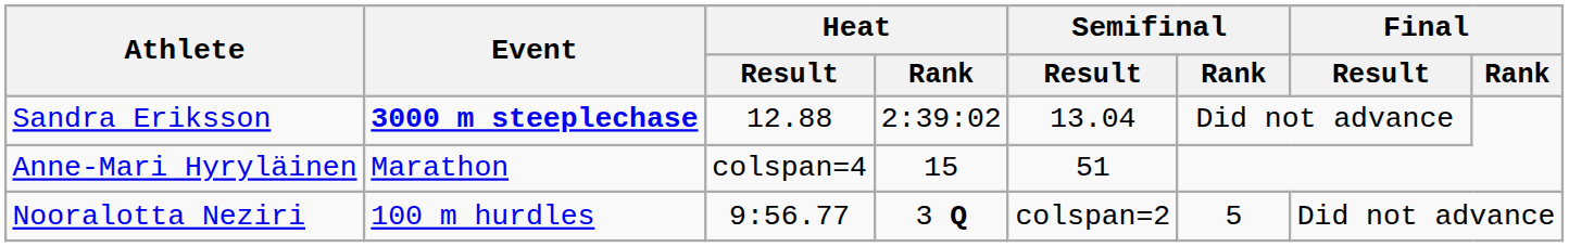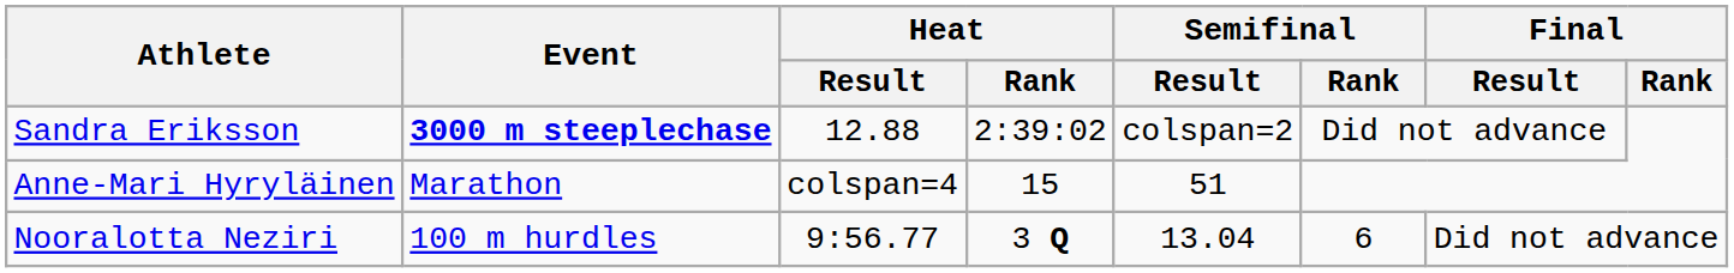 <table class="wikitable" style="font-size:90%">
 <tr>
 <th rowspan="2">Athlete</th>
 <th rowspan="2">Event</th>
 <th colspan="2">Heat</th>
 <th colspan="2">Semifinal</th>
 <th colspan="2">Final</th>
 </tr>
 <tr style="font-size:95%">
 <th>Result</th>
 <th>Rank</th>
 <th>Result</th>
 <th>Rank</th>
 <th>Result</th>
 <th>Rank</th>
 </tr>
 <tr align=center>
 <td align=left><a href='#'>Sandra Eriksson</a></td>
 <td align=left><strong><a href='#'>3000 m steeplechase</a></strong></td>
 <td>12.88</td>
 <td>2:39:02</td>
-<td>13.04</td>
+<td>colspan=2 </td>
 <td colspan=2>Did not advance</td>
 </tr>
 <tr align=center>
 <td align=left><a href='#'>Anne-Mari Hyryläinen</a></td>
 <td align=left><a href='#'>Marathon</a></td>
 <td>colspan=4 </td>
 <td>15</td>
 <td>51</td>
 </tr>
 <tr align=center>
 <td align=left><a href='#'>Nooralotta Neziri</a></td>
 <td align=left><a href='#'>100 m hurdles</a></td>
 <td>9:56.77</td>
 <td>3 <strong>Q</strong></td>
-<td>colspan=2 </td>
-<td>5</td>
+<td>13.04</td>
+<td>6</td>
 <td colspan=2>Did not advance</td>
 </tr>
 </table>
